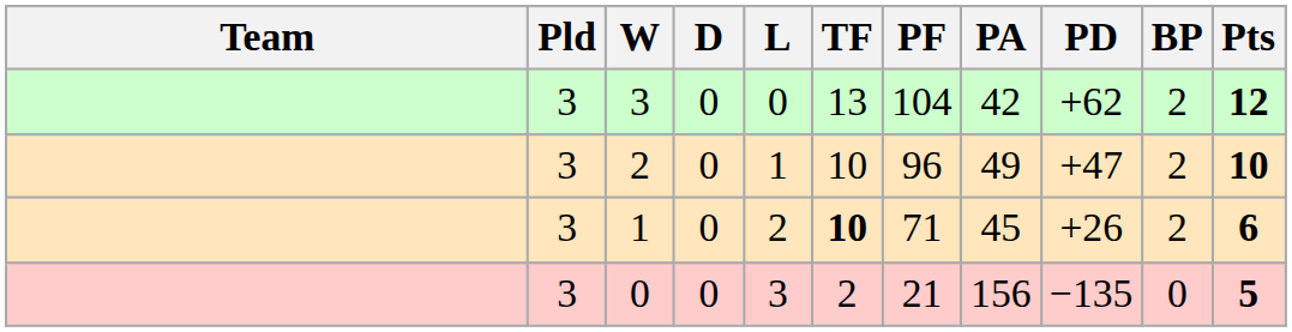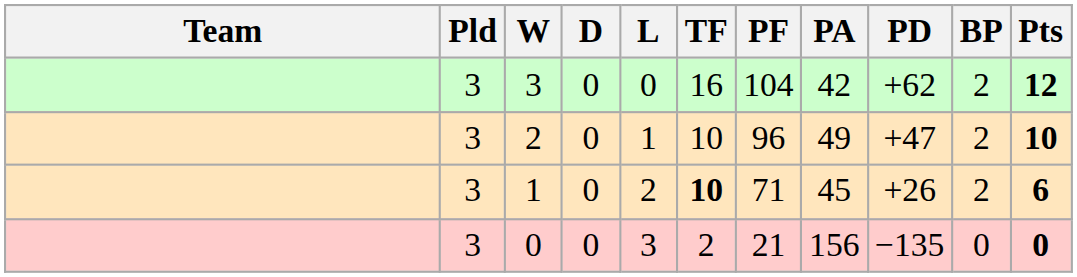 <table class="wikitable" style="text-align: center;">
 <tr>
 <th width="200">Team</th>
 <th width="20">Pld</th>
 <th width="20">W</th>
 <th width="20">D</th>
 <th width="20">L</th>
 <th width="20">TF</th>
 <th width="20">PF</th>
 <th width="20">PA</th>
 <th width="28">PD</th>
 <th width="20">BP</th>
 <th width="20">Pts</th>
 </tr>
 <tr style="background:#ccffcc">
 <td align=left></td>
 <td>3</td>
 <td>3</td>
 <td>0</td>
 <td>0</td>
-<td>13</td>
+<td>16</td>
 <td>104</td>
 <td>42</td>
 <td>+62</td>
 <td>2</td>
 <td><strong>12</strong></td>
 </tr>
 <tr style="background:#ffe6bd">
 <td align=left></td>
 <td>3</td>
 <td>2</td>
 <td>0</td>
 <td>1</td>
 <td>10</td>
 <td>96</td>
 <td>49</td>
 <td>+47</td>
 <td>2</td>
 <td><strong>10</strong></td>
 </tr>
 <tr style="background:#ffe6bd">
 <td align=left></td>
 <td>3</td>
 <td>1</td>
 <td>0</td>
 <td>2</td>
 <td><strong>10</strong></td>
 <td>71</td>
 <td>45</td>
 <td>+26</td>
 <td>2</td>
 <td><strong>6</strong></td>
 </tr>
 <tr style="background:#fcc">
 <td align=left></td>
 <td>3</td>
 <td>0</td>
 <td>0</td>
 <td>3</td>
 <td>2</td>
 <td>21</td>
 <td>156</td>
 <td>−135</td>
 <td>0</td>
-<td><strong>5</strong></td>
+<td><strong>0</strong></td>
 </tr>
 </table>
